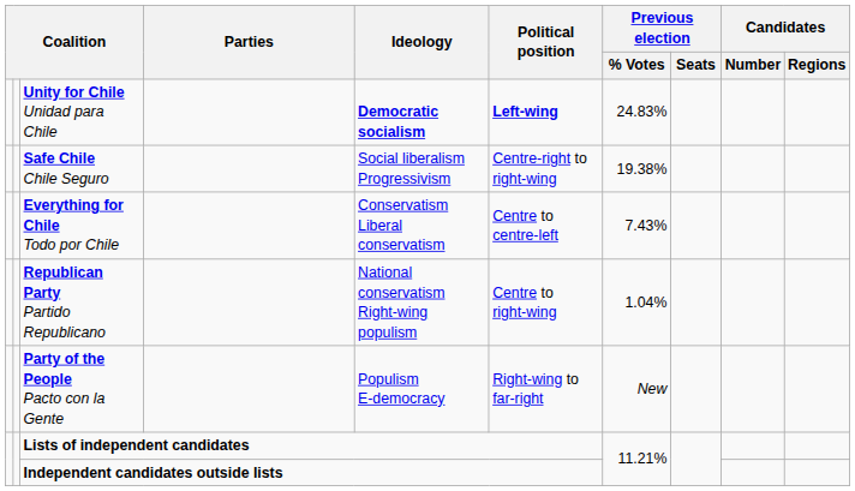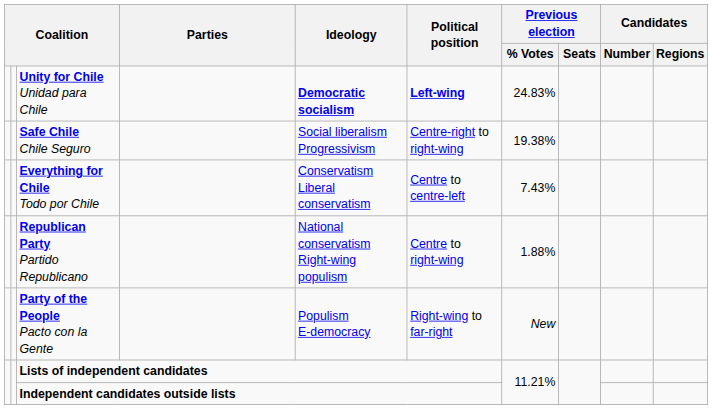 <table class="wikitable" style="line-height:1.35em; font-size:95%; text-align:left;">
 <tr>
 <th colspan="3" rowspan="2">Coalition</th>
 <th rowspan="2" width="25%">Parties</th>
 <th rowspan="2">Ideology</th>
 <th rowspan="2">Political position</th>
 <th colspan="2"><a href='#'>Previous election</a></th>
 <th colspan="2">Candidates</th>
 </tr>
 <tr>
 <th>% Votes</th>
 <th>Seats</th>
 <th>Number</th>
 <th>Regions</th>
 </tr>
 <tr>
 <td width="1"></td>
 <td align="center"></td>
 <td><strong><a href='#'>Unity for Chile</a></strong><br><em>Unidad para Chile</em></td>
 <td></td>
 <td><strong><br><a href='#'>Democratic socialism</a><br></strong></td>
 <td><strong><a href='#'>Left-wing</a></strong></td>
 <td align="right">24.83%</td>
 <td></td>
 <td align="right"></td>
 <td align="right"></td>
 </tr>
 <tr>
 <td></td>
 <td align="center"></td>
 <td><strong><a href='#'>Safe Chile</a></strong><br><em>Chile Seguro</em></td>
 <td></td>
 <td><a href='#'>Social liberalism</a><br><a href='#'>Progressivism</a></td>
 <td><a href='#'>Centre-right</a> to<br><a href='#'>right-wing</a></td>
 <td align="right">19.38%</td>
 <td></td>
 <td align="right"></td>
 <td align="right"></td>
 </tr>
 <tr>
 <td></td>
 <td align="center"></td>
 <td><strong><a href='#'>Everything for Chile</a></strong><br><em>Todo por Chile</em></td>
 <td></td>
 <td><a href='#'>Conservatism</a><br><a href='#'>Liberal conservatism</a></td>
 <td><a href='#'>Centre</a> to<br><a href='#'>centre-left</a></td>
 <td align="right">7.43%</td>
 <td></td>
 <td align="right"></td>
 <td align="right"></td>
 </tr>
 <tr>
 <td></td>
 <td align="center"></td>
 <td><strong><a href='#'>Republican Party</a></strong><br><em>Partido Republicano</em></td>
 <td></td>
 <td><a href='#'>National conservatism</a><br><a href='#'>Right-wing populism</a></td>
 <td><a href='#'>Centre</a> to<br><a href='#'>right-wing</a></td>
-<td align="right">1.04%</td>
+<td align="right">1.88%</td>
 <td></td>
 <td align="right"></td>
 <td align="right"></td>
 </tr>
 <tr>
 <td></td>
 <td align="center"></td>
 <td><strong><a href='#'>Party of the People</a></strong><br><em>Pacto con la Gente</em></td>
 <td></td>
 <td><a href='#'>Populism</a><br><a href='#'>E-democracy</a></td>
 <td><a href='#'>Right-wing</a> to <a href='#'>far-right</a></td>
 <td align="right"><em>New</em></td>
 <td></td>
 <td align="right"></td>
 <td align="right"></td>
 </tr>
 <tr>
 <td rowspan="2"></td>
 <td rowspan="2"></td>
 <td colspan="4"><strong>Lists of independent candidates</strong></td>
 <td rowspan="2" align="right">11.21%</td>
 <td rowspan="2"></td>
 <td align="right"></td>
 <td align="right"></td>
 </tr>
 <tr>
 <td colspan="4"><strong>Independent candidates outside lists</strong></td>
 <td align="right"></td>
 <td align="right"></td>
 </tr>
 </table>
